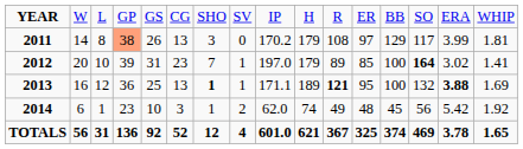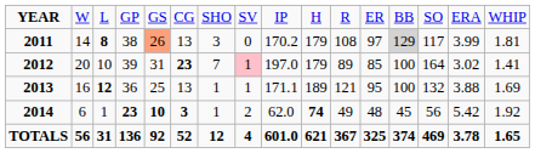 <table class="wikitable">
 <tr align=center>
 <td><strong>YEAR</strong></td>
 <td><a href='#'>W</a></td>
 <td><a href='#'>L</a></td>
 <td><a href='#'>GP</a></td>
 <td><a href='#'>GS</a></td>
 <td><a href='#'>CG</a></td>
 <td><a href='#'>SHO</a></td>
 <td><a href='#'>SV</a></td>
 <td><a href='#'>IP</a></td>
 <td><a href='#'>H</a></td>
 <td><a href='#'>R</a></td>
 <td><a href='#'>ER</a></td>
 <td><a href='#'>BB</a></td>
 <td><a href='#'>SO</a></td>
 <td><a href='#'>ERA</a></td>
 <td><a href='#'>WHIP</a></td>
 </tr>
 <tr align=center>
 <td><strong>2011</strong></td>
 <td>14</td>
-<td>8</td>
-<td style="background: lightsalmon;">38</td>
-<td>26</td>
+<td><strong>8</strong></td>
+<td>38</td>
+<td style="background: lightsalmon;">26</td>
 <td>13</td>
 <td>3</td>
 <td>0</td>
 <td>170.2</td>
 <td>179</td>
 <td>108</td>
 <td>97</td>
-<td>129</td>
+<td style="background: lightgrey;">129</td>
 <td>117</td>
 <td>3.99</td>
 <td>1.81</td>
 </tr>
 <tr align=center>
 <td><strong>2012</strong></td>
 <td>20</td>
 <td>10</td>
 <td>39</td>
 <td>31</td>
-<td>23</td>
+<td><strong>23</strong></td>
 <td>7</td>
-<td>1</td>
+<td style="background: pink;">1</td>
 <td>197.0</td>
 <td>179</td>
 <td>89</td>
 <td>85</td>
 <td>100</td>
-<td><strong>164</strong></td>
+<td>164</td>
 <td>3.02</td>
 <td>1.41</td>
 </tr>
 <tr align=center>
 <td><strong>2013</strong></td>
 <td>16</td>
-<td>12</td>
+<td><strong>12</strong></td>
 <td>36</td>
 <td>25</td>
 <td>13</td>
-<td><strong>1</strong></td>
+<td>1</td>
 <td>1</td>
 <td>171.1</td>
 <td>189</td>
-<td><strong>121</strong></td>
+<td>121</td>
 <td>95</td>
 <td>100</td>
 <td>132</td>
-<td><strong>3.88</strong></td>
+<td>3.88</td>
 <td>1.69</td>
 </tr>
 <tr align=center>
 <td><strong>2014</strong></td>
 <td>6</td>
 <td>1</td>
-<td>23</td>
-<td>10</td>
-<td>3</td>
+<td><strong>23</strong></td>
+<td><strong>10</strong></td>
+<td><strong>3</strong></td>
 <td>1</td>
 <td>2</td>
 <td>62.0</td>
-<td>74</td>
+<td><strong>74</strong></td>
 <td>49</td>
 <td>48</td>
 <td>45</td>
 <td>56</td>
 <td>5.42</td>
 <td>1.92</td>
 </tr>
 <tr align=center>
 <td><strong>TOTALS</strong></td>
 <td><strong>56</strong></td>
 <td><strong>31</strong></td>
 <td><strong>136</strong></td>
 <td><strong>92</strong></td>
 <td><strong>52</strong></td>
 <td><strong>12</strong></td>
 <td><strong>4</strong></td>
 <td><strong>601.0</strong></td>
 <td><strong>621</strong></td>
 <td><strong>367</strong></td>
 <td><strong>325</strong></td>
 <td><strong>374</strong></td>
 <td><strong>469</strong></td>
 <td><strong>3.78</strong></td>
 <td><strong>1.65</strong></td>
 </tr>
 </table>
